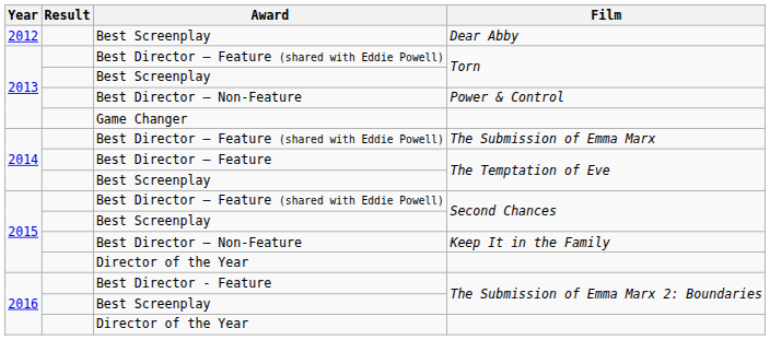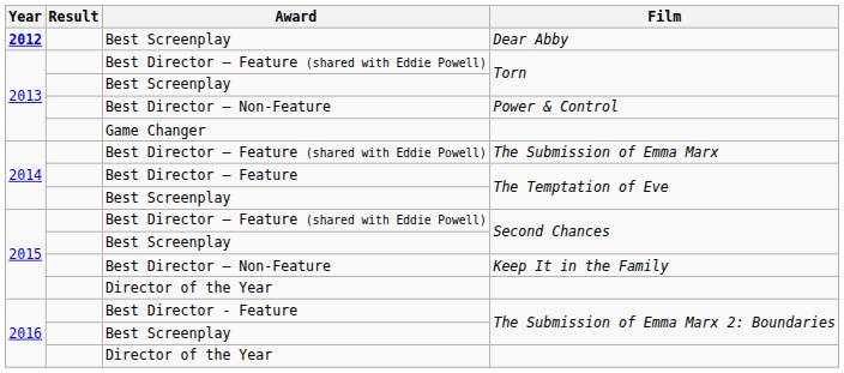 <table class="wikitable">
 <tr>
 <th>Year</th>
 <th>Result</th>
 <th>Award</th>
 <th>Film</th>
 </tr>
 <tr>
-<td><a href='#'>2012</a></td>
+<td><strong><a href='#'>2012</a></strong></td>
 <td></td>
 <td>Best Screenplay</td>
 <td><em>Dear Abby</em></td>
 </tr>
 <tr>
 <td rowspan="4"><a href='#'>2013</a></td>
 <td></td>
 <td>Best Director – Feature <small>(shared with Eddie Powell)</small></td>
 <td rowspan="2"><em>Torn</em></td>
 </tr>
 <tr>
 <td></td>
 <td>Best Screenplay</td>
 </tr>
 <tr>
 <td></td>
 <td>Best Director – Non-Feature</td>
 <td><em>Power & Control</em></td>
 </tr>
 <tr>
 <td></td>
 <td>Game Changer</td>
 <td></td>
 </tr>
 <tr>
 <td rowspan="3"><a href='#'>2014</a></td>
 <td></td>
 <td>Best Director – Feature <small>(shared with Eddie Powell)</small></td>
 <td><em>The Submission of Emma Marx</em></td>
 </tr>
 <tr>
 <td></td>
 <td>Best Director – Feature</td>
 <td rowspan="2"><em>The Temptation of Eve</em></td>
 </tr>
 <tr>
 <td></td>
 <td>Best Screenplay</td>
 </tr>
 <tr>
 <td rowspan="4"><a href='#'>2015</a></td>
 <td></td>
 <td>Best Director – Feature <small>(shared with Eddie Powell)</small></td>
 <td rowspan="2"><em>Second Chances</em></td>
 </tr>
 <tr>
 <td></td>
 <td>Best Screenplay</td>
 </tr>
 <tr>
 <td></td>
 <td>Best Director – Non-Feature</td>
 <td><em>Keep It in the Family</em></td>
 </tr>
 <tr>
 <td></td>
 <td>Director of the Year</td>
 <td></td>
 </tr>
 <tr>
 <td rowspan="3"><a href='#'>2016</a></td>
 <td></td>
 <td>Best Director - Feature</td>
 <td rowspan="2"><em>The Submission of Emma Marx 2: Boundaries</em></td>
 </tr>
 <tr>
 <td></td>
 <td>Best Screenplay</td>
 </tr>
 <tr>
 <td></td>
 <td>Director of the Year</td>
 <td></td>
 </tr>
 </table>
